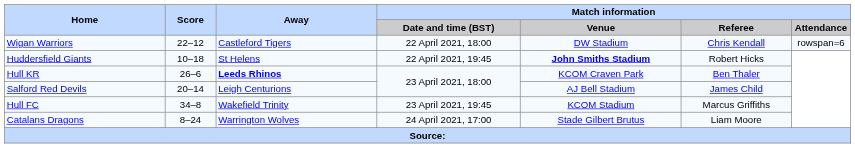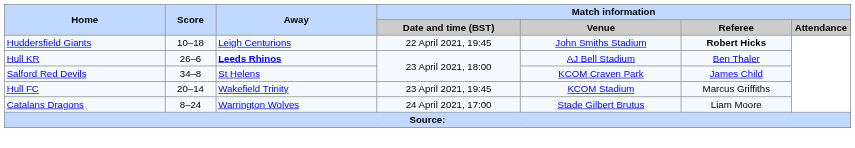 <table border=1 style="border-collapse:collapse; font-size:90%; text-align:center;" cellpadding=3 cellspacing=0 width=100%>
 <tr style="background:#C1D8ff;">
 <th scope="col" rowspan=2 width=19%>Home</th>
 <th scope="col" rowspan=2 width=6%>Score</th>
 <th scope="col" rowspan=2 width=19%>Away</th>
 <th colspan=4>Match information</th>
 </tr>
 <tr style="background:#CCCCCC;">
 <th scope="col" width=17%>Date and time (BST)</th>
 <th scope="col" width=19%>Venue</th>
 <th scope="col" width=13%>Referee</th>
 <th scope="col" width=7%>Attendance</th>
 </tr>
 <tr style="background:#F5FAFF;">
-<td style="text-align:left;"> <a href='#'>Wigan Warriors</a></td>
-<td>22–12</td>
-<td style="text-align:left;"> <a href='#'>Castleford Tigers</a></td>
-<td>22 April 2021, 18:00</td>
-<td><a href='#'>DW Stadium</a></td>
-<td><a href='#'>Chris Kendall</a></td>
-<td>rowspan=6</td>
-</tr>
-<tr style="background:#F5FAFF;">
 <td style="text-align:left;"> <a href='#'>Huddersfield Giants</a></td>
 <td>10–18</td>
-<td style="text-align:left;"> <a href='#'>St Helens</a></td>
+<td style="text-align:left;"> <a href='#'>Leigh Centurions</a></td>
 <td>22 April 2021, 19:45</td>
-<td><strong><a href='#'>John Smiths Stadium</a></strong></td>
-<td>Robert Hicks</td>
+<td><a href='#'>John Smiths Stadium</a></td>
+<td><strong>Robert Hicks</strong></td>
 </tr>
 <tr style="background:#F5FAFF;">
 <td style="text-align:left;"> <a href='#'>Hull KR</a></td>
 <td>26–6</td>
 <td style="text-align:left;"><strong> <a href='#'>Leeds Rhinos</a></strong></td>
 <td rowspan=2>23 April 2021, 18:00</td>
-<td><a href='#'>KCOM Craven Park</a></td>
+<td><a href='#'>AJ Bell Stadium</a></td>
 <td><a href='#'>Ben Thaler</a></td>
 </tr>
 <tr style="background:#F5FAFF;">
 <td style="text-align:left;"> <a href='#'>Salford Red Devils</a></td>
-<td>20–14</td>
-<td style="text-align:left;"> <a href='#'>Leigh Centurions</a></td>
-<td><a href='#'>AJ Bell Stadium</a></td>
+<td>34–8</td>
+<td style="text-align:left;"> <a href='#'>St Helens</a></td>
+<td><a href='#'>KCOM Craven Park</a></td>
 <td><a href='#'>James Child</a></td>
 </tr>
 <tr style="background:#F5FAFF;">
 <td style="text-align:left;"> <a href='#'>Hull FC</a></td>
-<td>34–8</td>
+<td>20–14</td>
 <td style="text-align:left;"> <a href='#'>Wakefield Trinity</a></td>
 <td>23 April 2021, 19:45</td>
 <td><a href='#'>KCOM Stadium</a></td>
 <td>Marcus Griffiths</td>
 </tr>
 <tr style="background:#F5FAFF;">
 <td style="text-align:left;"> <a href='#'>Catalans Dragons</a></td>
 <td>8–24</td>
 <td style="text-align:left;"> <a href='#'>Warrington Wolves</a></td>
 <td>24 April 2021, 17:00</td>
 <td><a href='#'>Stade Gilbert Brutus</a></td>
 <td>Liam Moore</td>
 </tr>
 <tr style="background:#c1d8ff;">
 <th colspan=7>Source:</th>
 </tr>
 </table>
